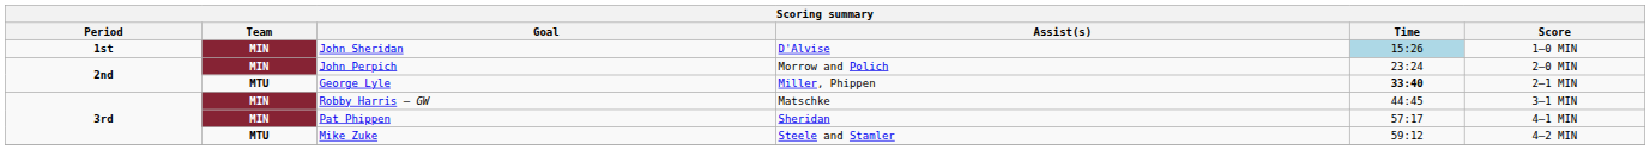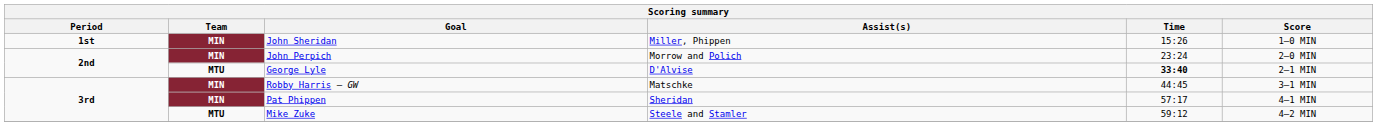 <table style="width:100%;" class="wikitable">
 <tr>
 <th colspan=6>Scoring summary</th>
 </tr>
 <tr>
 <th style="width:12%;">Period</th>
 <th style="width:7%;">Team</th>
 <th style="width:28%;">Goal</th>
 <th style="width:35%;">Assist(s)</th>
 <th style="width:7%;">Time</th>
 <th style="width:11%;">Score</th>
 </tr>
 <tr>
 <td style="text-align:center;" rowspan="1"><strong>1st</strong></td>
 <td align=center style="color:white; background:#862334; "><strong>MIN</strong></td>
 <td><a href='#'>John Sheridan</a></td>
-<td><a href='#'>D'Alvise</a></td>
-<td align=center style="background: lightblue;">15:26</td>
+<td><a href='#'>Miller</a>, Phippen</td>
+<td align=center>15:26</td>
 <td align=center>1–0 MIN</td>
 </tr>
 <tr>
 <td style="text-align:center;" rowspan="2"><strong>2nd</strong></td>
 <td align=center style="color:white; background:#862334; "><strong>MIN</strong></td>
 <td><a href='#'>John Perpich</a></td>
 <td>Morrow and <a href='#'>Polich</a></td>
 <td align=center>23:24</td>
 <td align=center>2–0 MIN</td>
 </tr>
 <tr>
 <td align=center><strong>MTU</strong></td>
 <td><a href='#'>George Lyle</a></td>
-<td><a href='#'>Miller</a>, Phippen</td>
+<td><a href='#'>D'Alvise</a></td>
 <td align=center><strong>33:40</strong></td>
 <td align=center>2–1 MIN</td>
 </tr>
 <tr>
 <td style="text-align:center;" rowspan="3"><strong>3rd</strong></td>
 <td align=center style="color:white; background:#862334; "><strong>MIN</strong></td>
 <td><a href='#'>Robby Harris</a> – <em>GW</em></td>
 <td>Matschke</td>
 <td align=center>44:45</td>
 <td align=center>3–1 MIN</td>
 </tr>
 <tr>
 <td align=center style="color:white; background:#862334; "><strong>MIN</strong></td>
 <td><a href='#'>Pat Phippen</a></td>
 <td><a href='#'>Sheridan</a></td>
 <td align=center>57:17</td>
 <td align=center>4–1 MIN</td>
 </tr>
 <tr>
 <td align=center><strong>MTU</strong></td>
 <td><a href='#'>Mike Zuke</a></td>
 <td><a href='#'>Steele</a> and <a href='#'>Stamler</a></td>
 <td align=center>59:12</td>
 <td align=center>4–2 MIN</td>
 </tr>
 <tr>
 </tr>
 </table>
